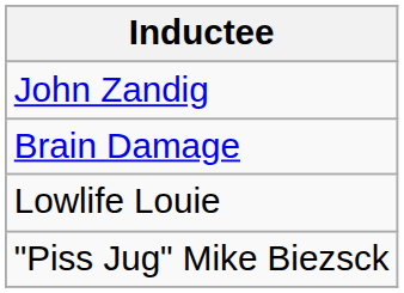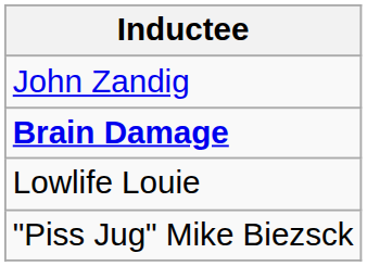 <table class="wikitable">
 <tr>
 <th>Inductee</th>
 </tr>
 <tr>
 <td><a href='#'>John Zandig</a></td>
 </tr>
 <tr>
-<td><a href='#'>Brain Damage</a></td>
+<td><strong><a href='#'>Brain Damage</a></strong></td>
 </tr>
 <tr>
 <td>Lowlife Louie</td>
 </tr>
 <tr>
 <td>"Piss Jug" Mike Biezsck</td>
 </tr>
 </table>
